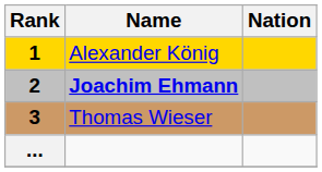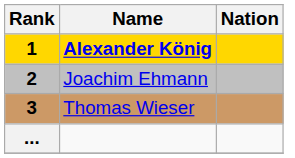 <table class="wikitable">
 <tr>
 <th>Rank</th>
 <th>Name</th>
 <th>Nation</th>
 </tr>
 <tr bgcolor="gold">
 <td align="center"><strong>1</strong></td>
-<td><a href='#'>Alexander König</a></td>
+<td><strong><a href='#'>Alexander König</a></strong></td>
 <td></td>
 </tr>
 <tr bgcolor="silver">
 <td align="center"><strong>2</strong></td>
-<td><strong><a href='#'>Joachim Ehmann</a></strong></td>
+<td><a href='#'>Joachim Ehmann</a></td>
 <td></td>
 </tr>
 <tr bgcolor="cc9966">
 <td align="center"><strong>3</strong></td>
 <td><a href='#'>Thomas Wieser</a></td>
 <td></td>
 </tr>
 <tr>
 <th>...</th>
 <td></td>
 <td></td>
 </tr>
 <tr>
 </tr>
 </table>
